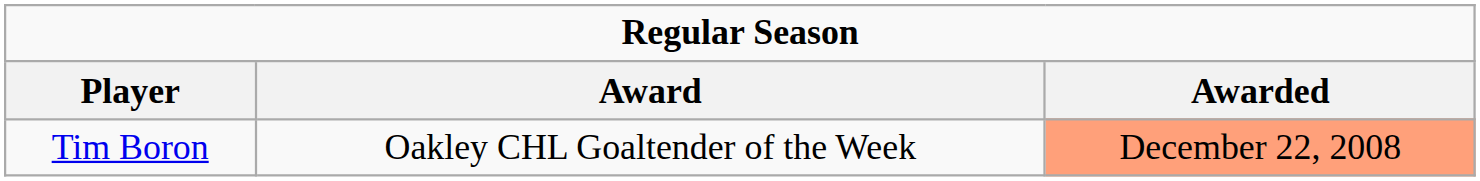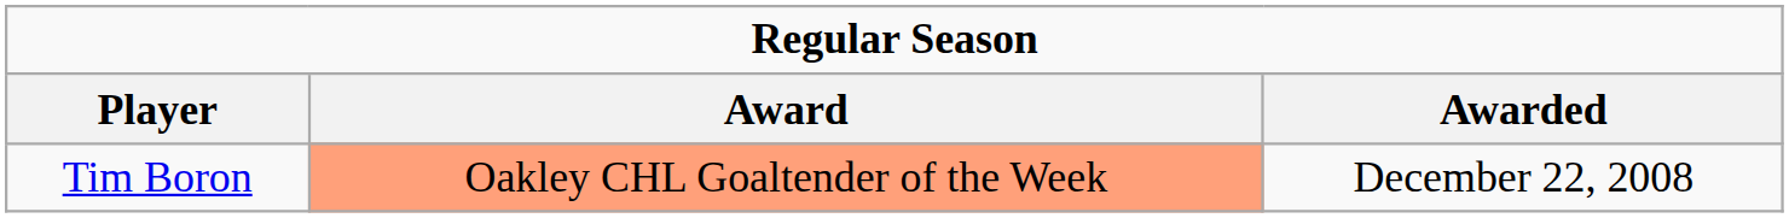 <table class="wikitable" width="52%">
 <tr>
 <td colspan="10" align="center"><strong>Regular Season</strong></td>
 </tr>
 <tr>
 <th>Player</th>
 <th>Award</th>
 <th>Awarded</th>
 </tr>
 <tr style="text-align:center;">
 <td><a href='#'>Tim Boron</a></td>
-<td>Oakley CHL Goaltender of the Week</td>
-<td style="background: lightsalmon;">December 22, 2008</td>
+<td style="background: lightsalmon;">Oakley CHL Goaltender of the Week</td>
+<td>December 22, 2008</td>
 </tr>
 </table>
